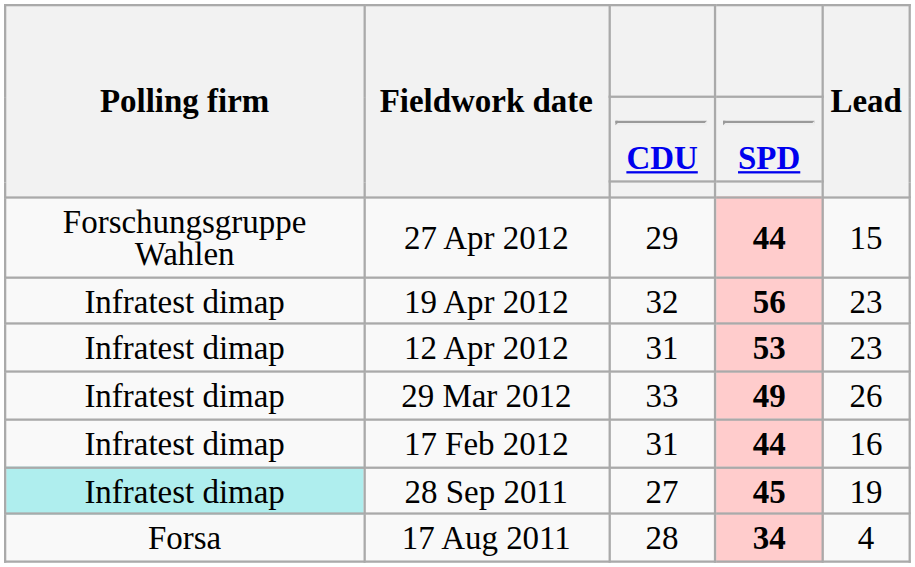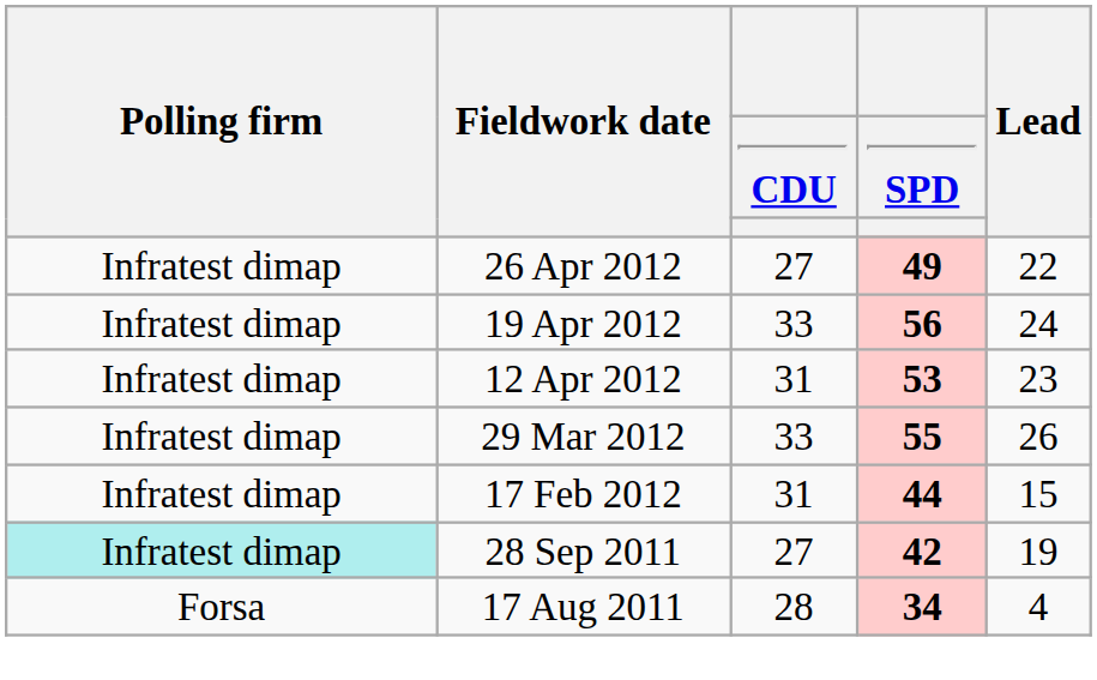 <table class="wikitable sortable" style="text-align:center;font-size:90%;line-height:14px;">
 <tr style="height:40px;">
 <th style="width:150px;" rowspan="3">Polling firm</th>
 <th style="width:100px;" rowspan="3">Fieldwork date</th>
 <th class="unsortable" style="width:40px;"></th>
 <th class="unsortable" style="width:40px;"></th>
 <th style="width:30px;" rowspan="3">Lead</th>
 </tr>
 <tr>
 <th class="unsortable" style="width:40px;"><hr><a href='#'>CDU</a></th>
 <th class="unsortable" style="width:40px;"><hr><a href='#'>SPD</a></th>
 </tr>
 <tr>
 <th style="background:"></th>
 <th style="background:"></th>
 </tr>
 <tr>
-<td>Forschungsgruppe Wahlen</td>
-<td data-sort-value="2012-04-27">27 Apr 2012</td>
-<td>29</td>
-<td style="background:#FFCCCC;"><strong>44</strong></td>
-<td style="background:">15</td>
+<td>Infratest dimap</td>
+<td data-sort-value="2012-04-26">26 Apr 2012</td>
+<td>27</td>
+<td style="background:#FFCCCC;"><strong>49</strong></td>
+<td style="background:">22</td>
 </tr>
 <tr>
 <td>Infratest dimap</td>
 <td data-sort-value="2012-04-19">19 Apr 2012</td>
-<td>32</td>
+<td>33</td>
 <td style="background:#FFCCCC;"><strong>56</strong></td>
-<td style="background:">23</td>
+<td style="background:">24</td>
 </tr>
 <tr>
 <td>Infratest dimap</td>
 <td data-sort-value="2012-04-12">12 Apr 2012</td>
 <td>31</td>
 <td style="background:#FFCCCC;"><strong>53</strong></td>
 <td style="background:">23</td>
 </tr>
 <tr>
 <td>Infratest dimap</td>
 <td data-sort-value="2012-03-29">29 Mar 2012</td>
 <td>33</td>
-<td style="background:#FFCCCC;"><strong>49</strong></td>
+<td style="background:#FFCCCC;"><strong>55</strong></td>
 <td style="background:">26</td>
 </tr>
 <tr>
 <td>Infratest dimap</td>
 <td data-sort-value="2012-02-17">17 Feb 2012</td>
 <td>31</td>
 <td style="background:#FFCCCC;"><strong>44</strong></td>
-<td style="background:">16</td>
+<td style="background:">15</td>
 </tr>
 <tr>
 <td style="background: paleturquoise;">Infratest dimap</td>
 <td data-sort-value="2011-09-28">28 Sep 2011</td>
 <td>27</td>
-<td style="background:#FFCCCC;"><strong>45</strong></td>
+<td style="background:#FFCCCC;"><strong>42</strong></td>
 <td style="background:">19</td>
 </tr>
 <tr>
 <td>Forsa</td>
 <td data-sort-value="2011-08-17">17 Aug 2011</td>
 <td>28</td>
 <td style="background:#FFCCCC;"><strong>34</strong></td>
 <td style="background:">4</td>
 </tr>
 </table>
